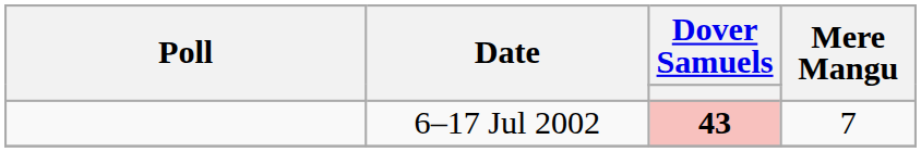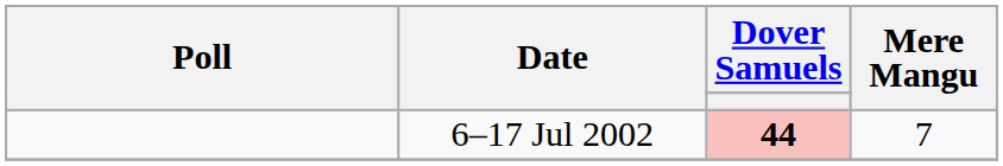 <table class="wikitable sortable" style="width:400px;font-size:90%;line-height:14px;text-align:center;">
 <tr>
 <th style="width:270px;" rowspan="2">Poll</th>
 <th style="width:200px;" rowspan="2">Date</th>
 <th><a href='#'>Dover Samuels</a></th>
 <th rowspan="2" class="unsortable" style="width:60px;">Mere<br>Mangu</th>
 </tr>
 <tr>
 <th class="unsortable" style="color:inherit;background:"></th>
 </tr>
 <tr>
 <td></td>
 <td data-sort-value="2002-07-17">6–17 Jul 2002</td>
-<td style="background:#F8C1BE"><strong>43</strong></td>
+<td style="background:#F8C1BE"><strong>44</strong></td>
 <td>7</td>
 </tr>
 <tr>
 </tr>
 </table>
